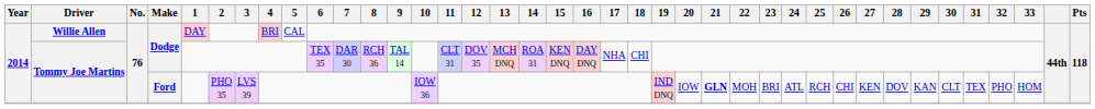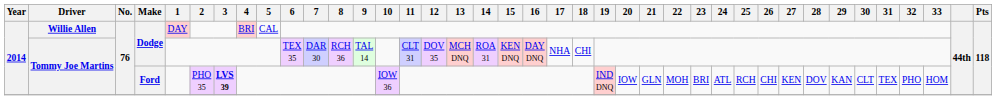 <table class="wikitable" style="text-align:center; font-size:75%">
 <tr>
 <th>Year</th>
 <th>Driver</th>
 <th>No.</th>
 <th>Make</th>
 <th>1</th>
 <th>2</th>
 <th>3</th>
 <th>4</th>
 <th>5</th>
 <th>6</th>
 <th>7</th>
 <th>8</th>
 <th>9</th>
 <th>10</th>
 <th>11</th>
 <th>12</th>
 <th>13</th>
 <th>14</th>
 <th>15</th>
 <th>16</th>
 <th>17</th>
 <th>18</th>
 <th>19</th>
 <th>20</th>
 <th>21</th>
 <th>22</th>
 <th>23</th>
 <th>24</th>
 <th>25</th>
 <th>26</th>
 <th>27</th>
 <th>28</th>
 <th>29</th>
 <th>30</th>
 <th>31</th>
 <th>32</th>
 <th>33</th>
 <th></th>
 <th>Pts</th>
 </tr>
 <tr>
 <th Rowspan=3><a href='#'>2014</a></th>
 <th><a href='#'>Willie Allen</a></th>
 <th Rowspan=3>76</th>
 <th rowspan=2><a href='#'>Dodge</a></th>
 <td style="background:#FFCFCF;"><a href='#'>DAY</a><br></td>
 <td colspan=2></td>
 <td style="background:#FFCFCF;"><a href='#'>BRI</a><br></td>
 <td><a href='#'>CAL</a></td>
 <td colspan=28></td>
 <th rowspan=3>44th</th>
 <th rowspan=3>118</th>
 </tr>
 <tr>
 <th rowspan=2><a href='#'>Tommy Joe Martins</a></th>
 <td colspan=5></td>
 <td style="background:#EFCFFF;"><a href='#'>TEX</a><br><small>35</small></td>
 <td style="background:#CFCFFF;"><a href='#'>DAR</a><br><small>30</small></td>
 <td style="background:#EFCFFF;"><a href='#'>RCH</a><br><small>36</small></td>
 <td style="background:#DFFFDF;"><a href='#'>TAL</a><br><small>14</small></td>
 <td></td>
 <td style="background:#CFCFFF;"><a href='#'>CLT</a><br><small>31</small></td>
 <td style="background:#EFCFFF;"><a href='#'>DOV</a><br><small>35</small></td>
 <td style="background:#FFCFCF;"><a href='#'>MCH</a><br><small>DNQ</small></td>
 <td style="background:#EFCFFF;"><a href='#'>ROA</a><br><small>31</small></td>
 <td style="background:#FFCFCF;"><a href='#'>KEN</a><br><small>DNQ</small></td>
 <td style="background:#FFCFCF;"><a href='#'>DAY</a><br><small>DNQ</small></td>
 <td><a href='#'>NHA</a></td>
 <td><a href='#'>CHI</a></td>
 <td colspan=15></td>
 </tr>
 <tr>
 <th><a href='#'>Ford</a></th>
 <td></td>
 <td style="background:#EFCFFF;"><a href='#'>PHO</a><br><small>35</small></td>
-<td style="background:#EFCFFF;"><a href='#'>LVS</a><br><small>39</small></td>
+<td style="background:#EFCFFF;"><strong><a href='#'>LVS</a><br><small>39</small></strong></td>
 <td colspan=6></td>
 <td style="background:#EFCFFF;"><a href='#'>IOW</a><br><small>36</small></td>
 <td colspan=8></td>
 <td style="background:#FFCFCF;"><a href='#'>IND</a><br><small>DNQ</small></td>
 <td><a href='#'>IOW</a></td>
-<td><strong><a href='#'>GLN</a></strong></td>
+<td><a href='#'>GLN</a></td>
 <td><a href='#'>MOH</a></td>
 <td><a href='#'>BRI</a></td>
 <td><a href='#'>ATL</a></td>
 <td><a href='#'>RCH</a></td>
 <td><a href='#'>CHI</a></td>
 <td><a href='#'>KEN</a></td>
 <td><a href='#'>DOV</a></td>
 <td><a href='#'>KAN</a></td>
 <td><a href='#'>CLT</a></td>
 <td><a href='#'>TEX</a></td>
 <td><a href='#'>PHO</a></td>
 <td><a href='#'>HOM</a></td>
 </tr>
 <tr>
 </tr>
 </table>
